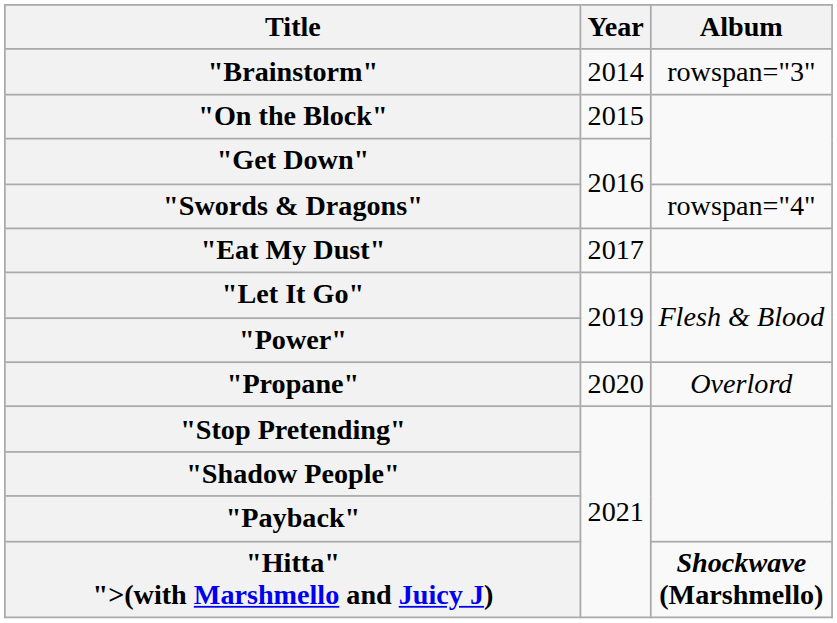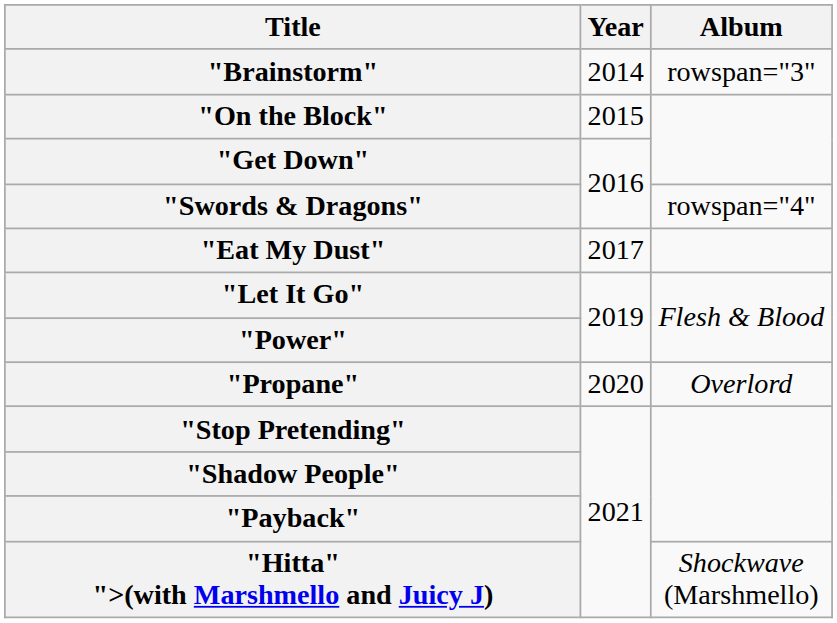 <table class="wikitable plainrowheaders" style="text-align:center;">
 <tr>
 <th scope="col" style="width:20em;">Title</th>
 <th scope="col" style="width:1em;">Year</th>
 <th scope="col" style="width:6em;">Album</th>
 </tr>
 <tr>
 <th scope="row">"Brainstorm"</th>
 <td>2014</td>
 <td>rowspan="3" </td>
 </tr>
 <tr>
 <th scope="row">"On the Block"<br></th>
 <td>2015</td>
 </tr>
 <tr>
 <th scope="row">"Get Down"<br></th>
 <td rowspan="2">2016</td>
 </tr>
 <tr>
 <th scope="row">"Swords & Dragons"</th>
 <td>rowspan="4" </td>
 </tr>
 <tr>
 <th scope="row">"Eat My Dust"</th>
 <td rowspan="1">2017</td>
 <td></td>
 </tr>
 <tr>
 <th scope="row">"Let It Go"<br></th>
 <td rowspan="2">2019</td>
 <td rowspan="2"><em>Flesh & Blood</em></td>
 </tr>
 <tr>
 <th scope="row">"Power"</th>
 </tr>
 <tr>
 <th scope="row">"Propane"</th>
 <td>2020</td>
 <td><em>Overlord</em></td>
 </tr>
 <tr>
 <th scope="row">"Stop Pretending"</th>
 <td rowspan="4">2021</td>
 </tr>
 <tr>
 <th scope="row">"Shadow People"</th>
 </tr>
 <tr>
 <th scope="row">"Payback"</th>
 </tr>
 <tr>
 <th scope="row">"Hitta"<br><span>">(with <a href='#'>Marshmello</a> and <a href='#'>Juicy J</a>)</span></th>
-<td><strong><em>Shockwave</em><br>(Marshmello)</strong></td>
+<td><em>Shockwave</em><br>(Marshmello)</td>
 </tr>
 </table>
